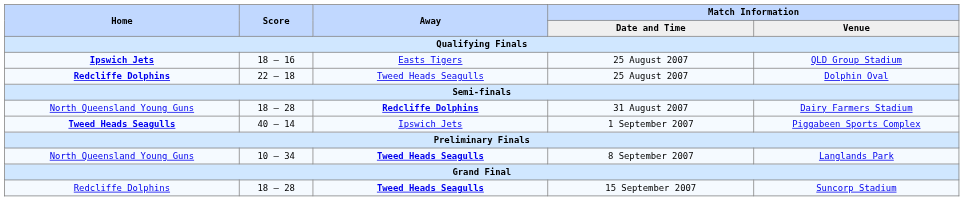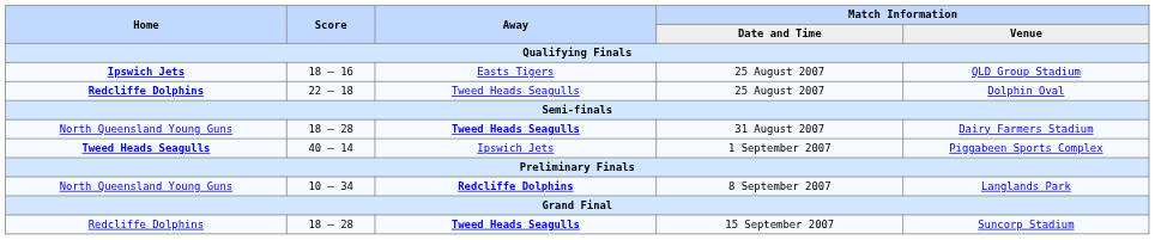 <table border=1 style="border-collapse:collapse; font-size:90%; text-align:center;" cellpadding=3 cellspacing=0>
 <tr bgcolor=#C1D8FF>
 <th rowspan=2 width=16%>Home</th>
 <th rowspan=2 width=5%>Score</th>
 <th rowspan=2 width=16%>Away</th>
 <th colspan=6>Match Information</th>
 </tr>
 <tr bgcolor=#EFEFEF>
 <th width=14%>Date and Time</th>
 <th width=14%>Venue</th>
 </tr>
 <tr bgcolor="#D0E7FF">
 <td colspan=7><strong>Qualifying Finals</strong></td>
 </tr>
 <tr bgcolor=#F5FAFF>
 <td> <strong><a href='#'>Ipswich Jets</a></strong></td>
 <td>18 – 16</td>
 <td> <a href='#'>Easts Tigers</a></td>
 <td>25 August 2007</td>
 <td><a href='#'>QLD Group Stadium</a></td>
 </tr>
 <tr bgcolor=#F5FAFF>
 <td> <strong><a href='#'>Redcliffe Dolphins</a></strong></td>
 <td>22 – 18</td>
 <td> <a href='#'>Tweed Heads Seagulls</a></td>
 <td>25 August 2007</td>
 <td><a href='#'>Dolphin Oval</a></td>
 </tr>
 <tr bgcolor="#D0E7FF">
 <td colspan=7><strong>Semi-finals</strong></td>
 </tr>
 <tr bgcolor=#F5FAFF>
 <td> <a href='#'>North Queensland Young Guns</a></td>
 <td>18 – 28</td>
-<td> <strong><a href='#'>Redcliffe Dolphins</a></strong></td>
+<td> <strong><a href='#'>Tweed Heads Seagulls</a></strong></td>
 <td>31 August 2007</td>
 <td><a href='#'>Dairy Farmers Stadium</a></td>
 </tr>
 <tr bgcolor=#F5FAFF>
 <td> <strong><a href='#'>Tweed Heads Seagulls</a></strong></td>
 <td>40 – 14</td>
 <td> <a href='#'>Ipswich Jets</a></td>
 <td>1 September 2007</td>
 <td><a href='#'>Piggabeen Sports Complex</a></td>
 </tr>
 <tr bgcolor="#D0E7FF">
 <td colspan=7><strong>Preliminary Finals</strong></td>
 </tr>
 <tr bgcolor=#F5FAFF>
 <td> <a href='#'>North Queensland Young Guns</a></td>
 <td>10 – 34</td>
-<td> <strong><a href='#'>Tweed Heads Seagulls</a></strong></td>
+<td> <strong><a href='#'>Redcliffe Dolphins</a></strong></td>
 <td>8 September 2007</td>
 <td><a href='#'>Langlands Park</a></td>
 </tr>
 <tr bgcolor="#D0E7FF">
 <td colspan=7><strong>Grand Final</strong></td>
 </tr>
 <tr bgcolor=#F5FAFF>
 <td> <a href='#'>Redcliffe Dolphins</a></td>
 <td>18 – 28</td>
 <td> <strong><a href='#'>Tweed Heads Seagulls</a></strong></td>
 <td>15 September 2007</td>
 <td><a href='#'>Suncorp Stadium</a></td>
 </tr>
 </table>
